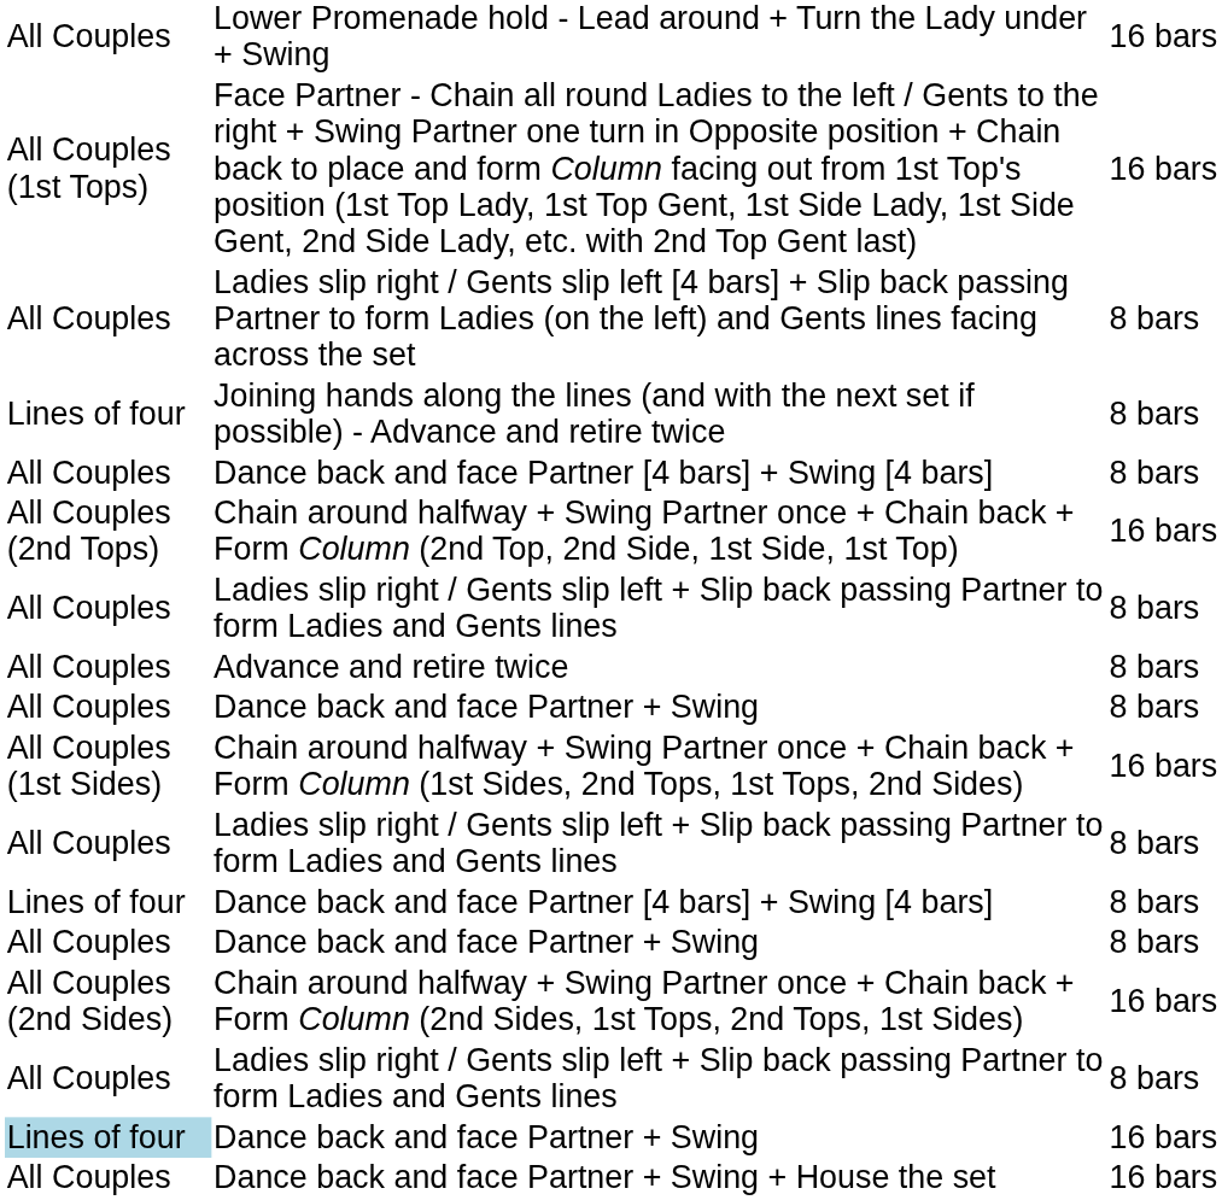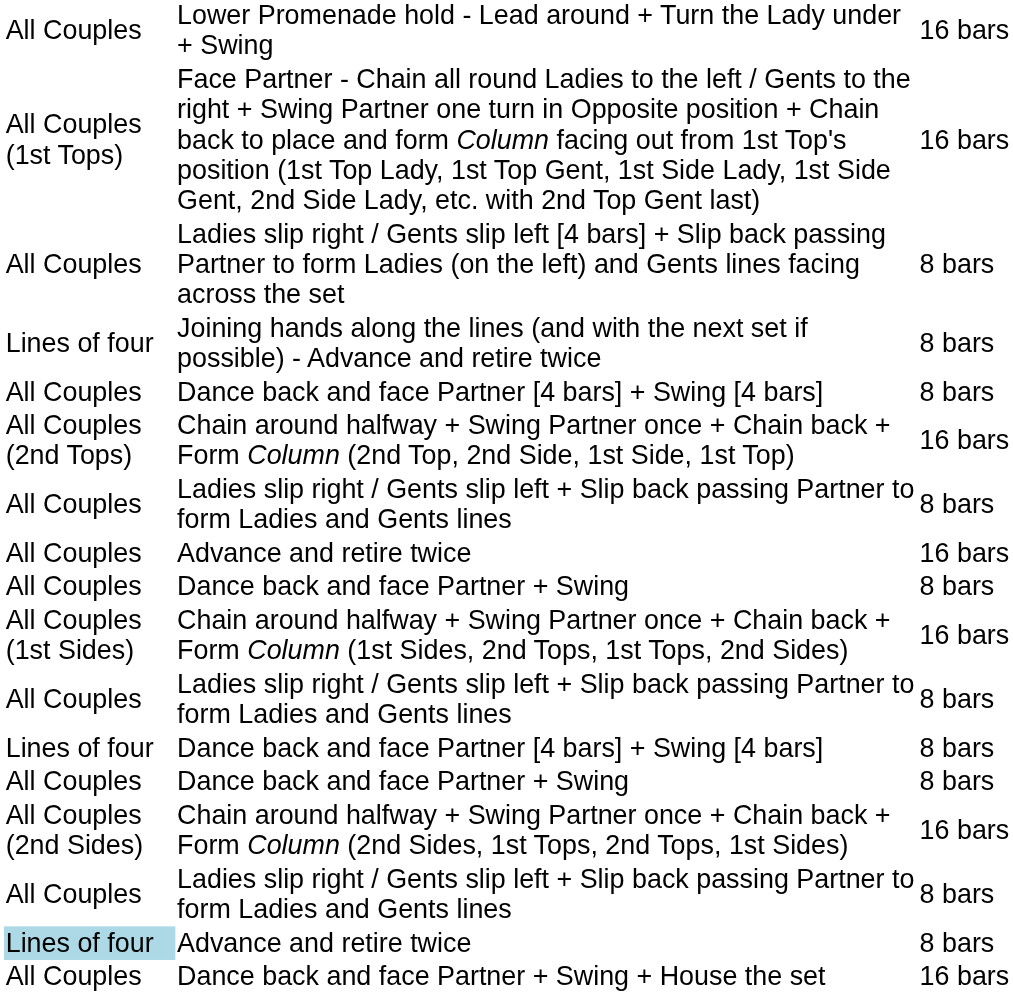 <table cellspacing=0 border=0 cellpadding=1>
 <tr>
 <td style="width:100px">All Couples</td>
 <td style="width:440px">Lower Promenade hold - Lead around + Turn the Lady under + Swing</td>
 <td style="width:60px">16 bars</td>
 </tr>
 <tr>
 <td>All Couples (1st Tops)</td>
 <td>Face Partner - Chain all round Ladies to the left / Gents to the right + Swing Partner one turn in Opposite position + Chain back to place and form <em>Column</em> facing out from 1st Top's position (1st Top Lady, 1st Top Gent, 1st Side Lady, 1st Side Gent, 2nd Side Lady, etc. with 2nd Top Gent last)</td>
 <td>16 bars</td>
 </tr>
 <tr>
 <td>All Couples</td>
 <td>Ladies slip right / Gents slip left [4 bars] + Slip back passing Partner to form Ladies (on the left) and Gents lines facing across the set</td>
 <td>8 bars</td>
 </tr>
 <tr>
 <td>Lines of four</td>
 <td>Joining hands along the lines (and with the next set if possible) - Advance and retire twice</td>
 <td>8 bars</td>
 </tr>
 <tr>
 <td>All Couples</td>
 <td>Dance back and face Partner [4 bars] + Swing [4 bars]</td>
 <td>8 bars</td>
 </tr>
 <tr>
 <td>All Couples (2nd Tops)</td>
 <td>Chain around halfway + Swing Partner once + Chain back + Form <em>Column</em> (2nd Top, 2nd Side, 1st Side, 1st Top)</td>
 <td>16 bars</td>
 </tr>
 <tr>
 <td>All Couples</td>
 <td>Ladies slip right / Gents slip left + Slip back passing Partner to form Ladies and Gents lines</td>
 <td>8 bars</td>
 </tr>
 <tr>
 <td>All Couples</td>
 <td>Advance and retire twice</td>
-<td>8 bars</td>
+<td>16 bars</td>
 </tr>
 <tr>
 <td>All Couples</td>
 <td>Dance back and face Partner + Swing</td>
 <td>8 bars</td>
 </tr>
 <tr>
 <td>All Couples (1st Sides)</td>
 <td>Chain around halfway + Swing Partner once + Chain back + Form <em>Column</em> (1st Sides, 2nd Tops, 1st Tops, 2nd Sides)</td>
 <td>16 bars</td>
 </tr>
 <tr>
 <td>All Couples</td>
 <td>Ladies slip right / Gents slip left + Slip back passing Partner to form Ladies and Gents lines</td>
 <td>8 bars</td>
 </tr>
 <tr>
 <td>Lines of four</td>
 <td>Dance back and face Partner [4 bars] + Swing [4 bars]</td>
 <td>8 bars</td>
 </tr>
 <tr>
 <td>All Couples</td>
 <td>Dance back and face Partner + Swing</td>
 <td>8 bars</td>
 </tr>
 <tr>
 <td>All Couples (2nd Sides)</td>
 <td>Chain around halfway + Swing Partner once + Chain back + Form <em>Column</em> (2nd Sides, 1st Tops, 2nd Tops, 1st Sides)</td>
 <td>16 bars</td>
 </tr>
 <tr>
 <td>All Couples</td>
 <td>Ladies slip right / Gents slip left + Slip back passing Partner to form Ladies and Gents lines</td>
 <td>8 bars</td>
 </tr>
 <tr>
 <td style="background: lightblue;">Lines of four</td>
-<td>Dance back and face Partner + Swing</td>
-<td>16 bars</td>
+<td>Advance and retire twice</td>
+<td>8 bars</td>
 </tr>
 <tr>
 <td>All Couples</td>
 <td>Dance back and face Partner + Swing + House the set</td>
 <td>16 bars</td>
 </tr>
 </table>
